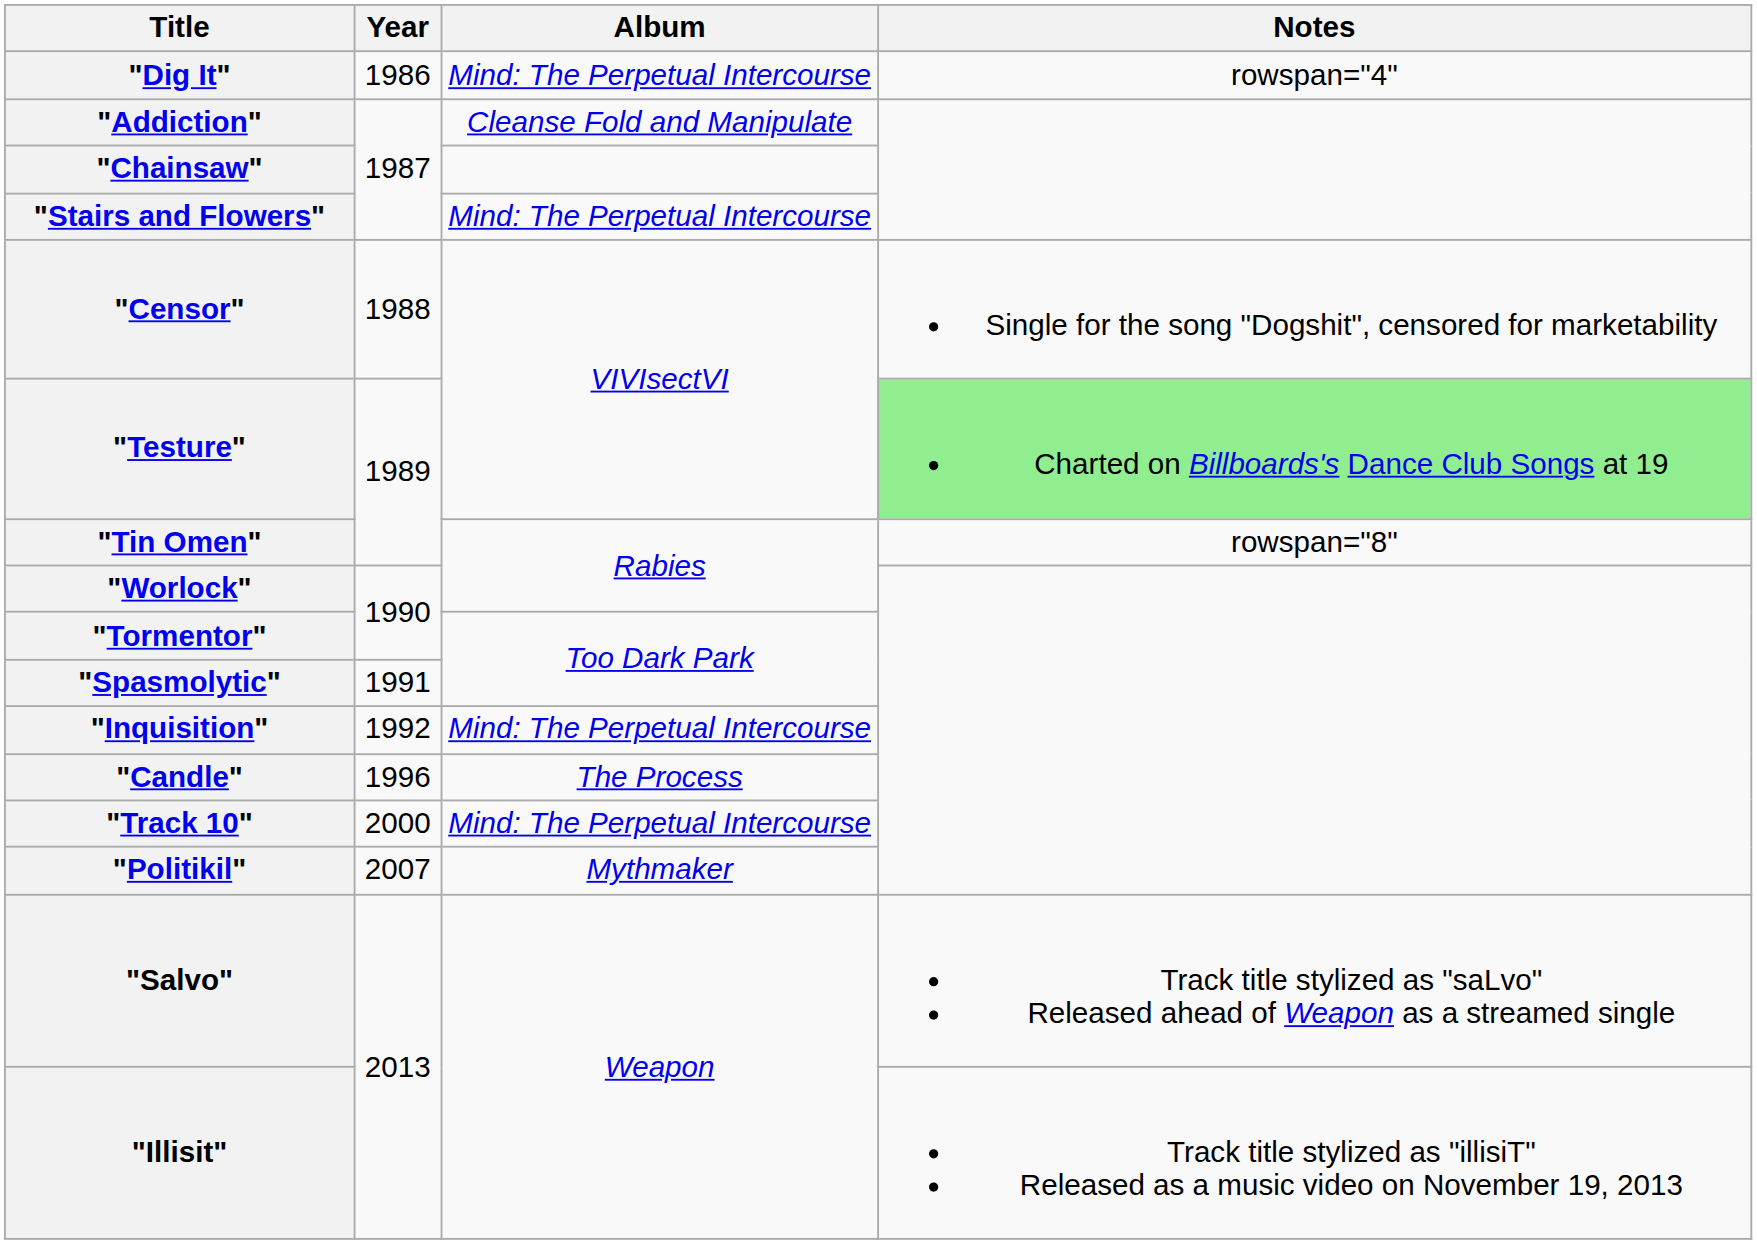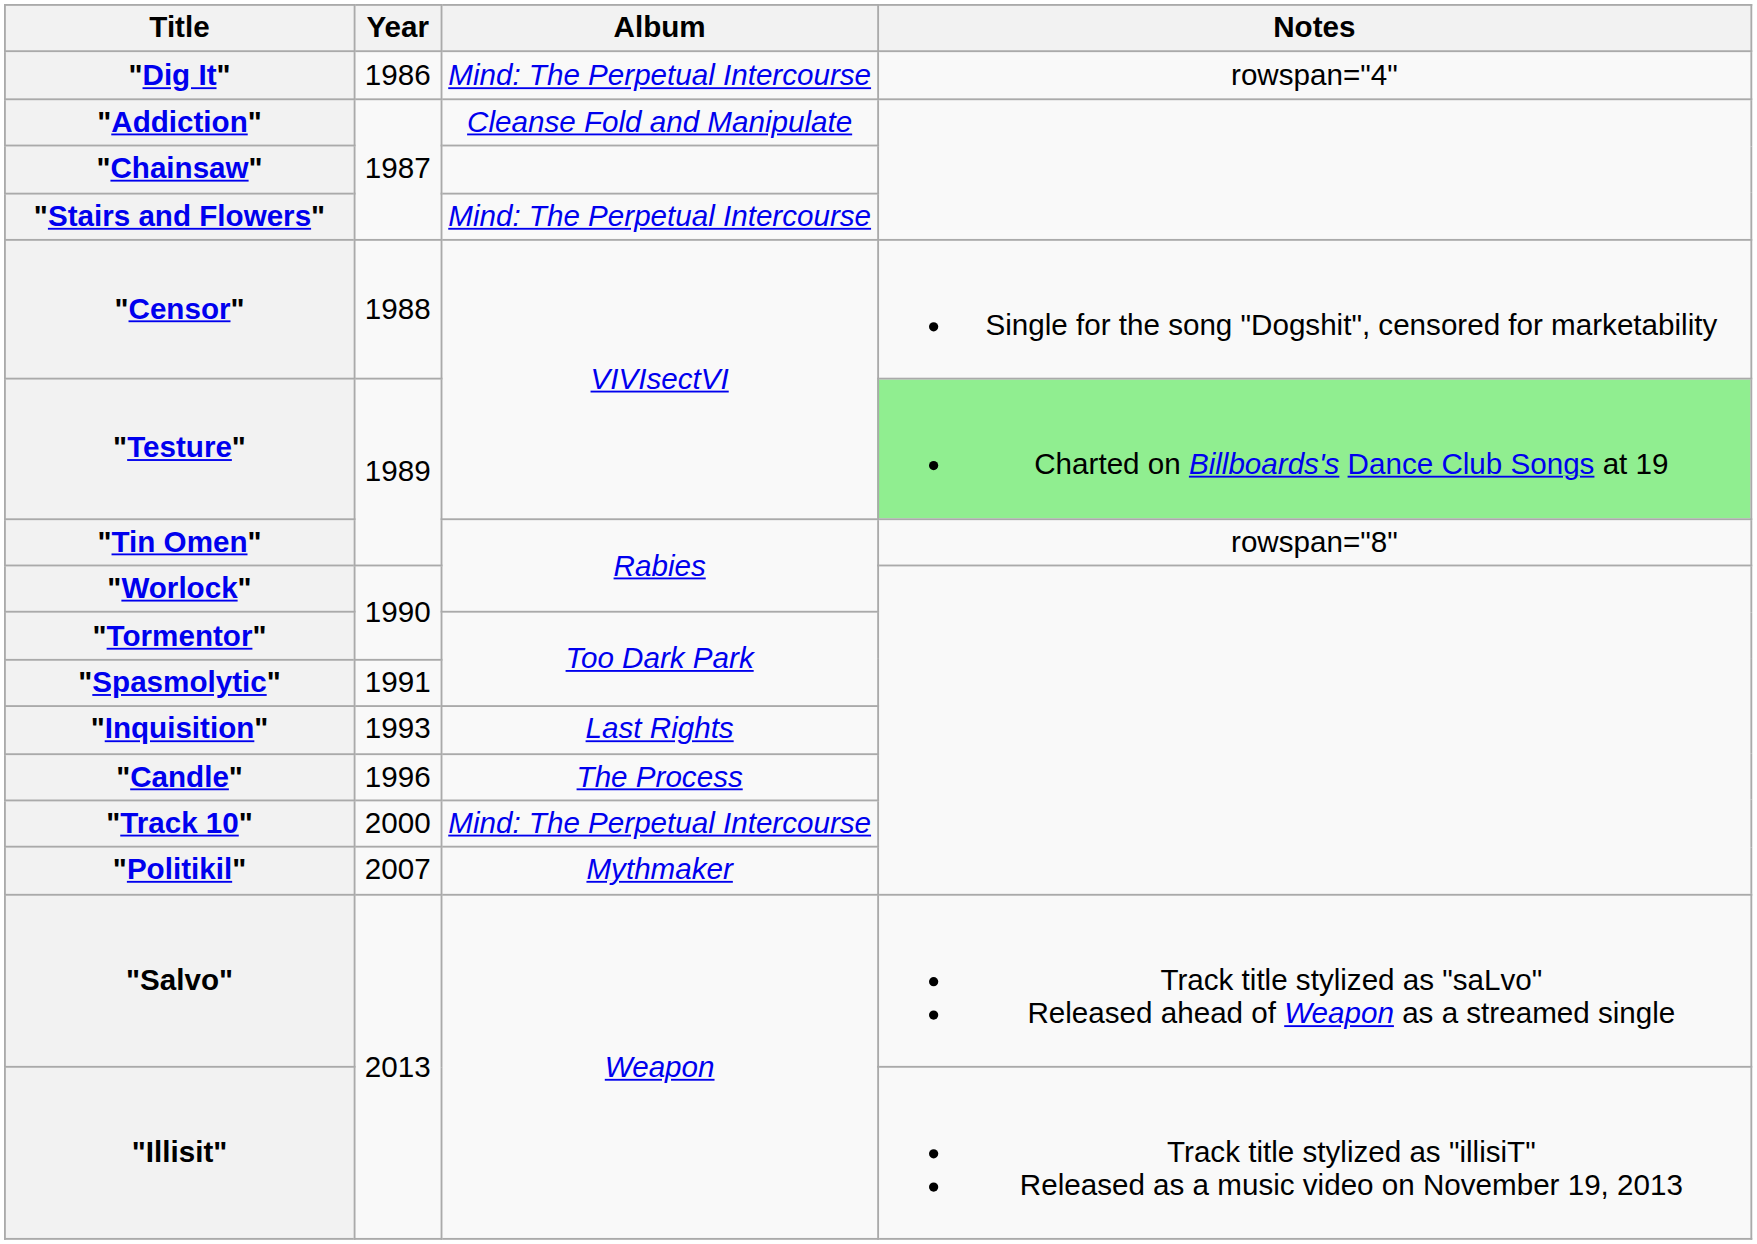 <table class="wikitable plainrowheaders" style="text-align:center;">
 <tr>
 <th scope="col" style="width:20%">Title</th>
 <th scope="col" style="width:5%">Year</th>
 <th scope="col" style="width:25%">Album</th>
 <th scope="col" style="width:50%">Notes</th>
 </tr>
 <tr>
 <th scope="row">"<a href='#'>Dig It</a>"</th>
 <td>1986</td>
 <td align=center><em><a href='#'>Mind: The Perpetual Intercourse</a></em></td>
 <td>rowspan="4" </td>
 </tr>
 <tr>
 <th scope="row">"<a href='#'>Addiction</a>"</th>
 <td rowspan="3">1987</td>
 <td align=center><em><a href='#'>Cleanse Fold and Manipulate</a></em></td>
 </tr>
 <tr>
 <th scope="row">"<a href='#'>Chainsaw</a>"</th>
 <td></td>
 </tr>
 <tr>
 <th scope="row">"<a href='#'>Stairs and Flowers</a>"</th>
 <td align=center><em><a href='#'>Mind: The Perpetual Intercourse</a></em></td>
 </tr>
 <tr>
 <th scope="row">"<a href='#'>Censor</a>"</th>
 <td>1988</td>
 <td align=center rowspan="2"><em><a href='#'>VIVIsectVI</a></em></td>
 <td><br><ul><li>Single for the song "Dogshit", censored for marketability</li></ul></td>
 </tr>
 <tr>
 <th scope="row">"<a href='#'>Testure</a>"</th>
 <td rowspan="2">1989</td>
 <td style="background: lightgreen;"><br><ul><li>Charted on <em><a href='#'>Billboards's</a></em> <a href='#'>Dance Club Songs</a> at 19</li></ul></td>
 </tr>
 <tr>
 <th scope="row">"<a href='#'>Tin Omen</a>"</th>
 <td align=center rowspan="2"><em><a href='#'>Rabies</a></em></td>
 <td>rowspan="8" </td>
 </tr>
 <tr>
 <th scope="row">"<a href='#'>Worlock</a>"</th>
 <td rowspan="2">1990</td>
 </tr>
 <tr>
 <th scope="row">"<a href='#'>Tormentor</a>"</th>
 <td align=center rowspan="2"><em><a href='#'>Too Dark Park</a></em></td>
 </tr>
 <tr>
 <th scope="row">"<a href='#'>Spasmolytic</a>"</th>
 <td>1991</td>
 </tr>
 <tr>
 <th scope="row">"<a href='#'>Inquisition</a>"</th>
-<td>1992</td>
-<td align=center><em><a href='#'>Mind: The Perpetual Intercourse</a></em></td>
+<td>1993</td>
+<td align=center><em><a href='#'>Last Rights</a></em></td>
 </tr>
 <tr>
 <th scope="row">"<a href='#'>Candle</a>"</th>
 <td>1996</td>
 <td align=center><em><a href='#'>The Process</a></em></td>
 </tr>
 <tr>
 <th scope="row">"<a href='#'>Track 10</a>"</th>
 <td>2000</td>
 <td align=center><em><a href='#'>Mind: The Perpetual Intercourse</a></em></td>
 </tr>
 <tr>
 <th scope="row">"<a href='#'>Politikil</a>"</th>
 <td>2007</td>
 <td align=center><em><a href='#'>Mythmaker</a></em></td>
 </tr>
 <tr>
 <th scope="row">"Salvo"</th>
 <td rowspan="2">2013</td>
 <td align=center rowspan="2"><em><a href='#'>Weapon</a></em></td>
 <td><br><ul><li>Track title stylized as "saLvo"</li><li>Released ahead of <em><a href='#'>Weapon</a></em> as a streamed single</li></ul></td>
 </tr>
 <tr>
 <th scope="row">"Illisit"</th>
 <td><br><ul><li>Track title stylized as "illisiT"</li><li>Released as a music video on November 19, 2013</li></ul></td>
 </tr>
 </table>
